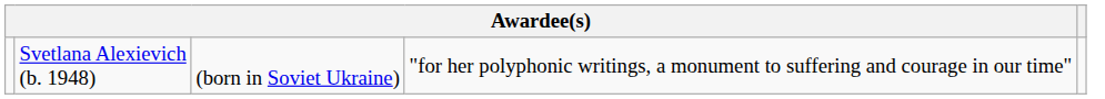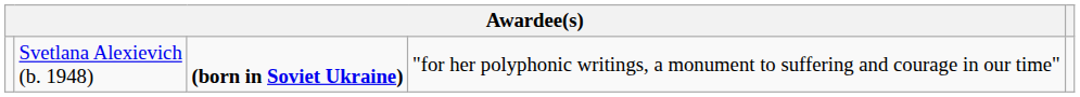 <table class="wikitable">
 <tr>
 <th colspan="4">Awardee(s)</th>
 <th></th>
 </tr>
 <tr>
 <td></td>
 <td><a href='#'>Svetlana Alexievich</a><br>(b. 1948)</td>
-<td><br>(born in <a href='#'>Soviet Ukraine</a>)</td>
+<td><strong><br>(born in <a href='#'>Soviet Ukraine</a>)</strong></td>
 <td>"for her polyphonic writings, a monument to suffering and courage in our time"</td>
 <td></td>
 </tr>
 </table>
